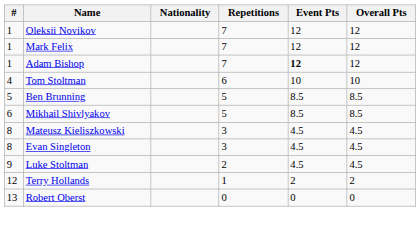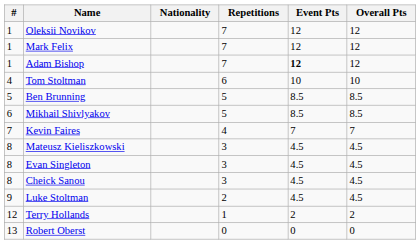 <table class="wikitable sortable" style="display: inline-table;width: 100%;">
 <tr>
 <th>#</th>
 <th>Name</th>
 <th>Nationality</th>
 <th>Repetitions</th>
 <th>Event Pts</th>
 <th>Overall Pts</th>
 </tr>
 <tr>
 <td>1</td>
 <td><a href='#'>Oleksii Novikov</a></td>
 <td></td>
 <td>7</td>
 <td>12</td>
 <td>12</td>
 </tr>
 <tr>
 <td>1</td>
 <td><a href='#'>Mark Felix</a></td>
 <td></td>
 <td>7</td>
 <td>12</td>
 <td>12</td>
 </tr>
 <tr>
 <td>1</td>
 <td><a href='#'>Adam Bishop</a></td>
 <td></td>
 <td>7</td>
 <td><strong>12</strong></td>
 <td>12</td>
 </tr>
 <tr>
 <td>4</td>
 <td><a href='#'>Tom Stoltman</a></td>
 <td></td>
 <td>6</td>
 <td>10</td>
 <td>10</td>
 </tr>
 <tr>
 <td>5</td>
 <td><a href='#'>Ben Brunning</a></td>
 <td></td>
 <td>5</td>
 <td>8.5</td>
 <td>8.5</td>
 </tr>
 <tr>
 <td>6</td>
 <td><a href='#'>Mikhail Shivlyakov</a></td>
 <td></td>
 <td>5</td>
 <td>8.5</td>
 <td>8.5</td>
 </tr>
 <tr>
+<td>7</td>
+<td><a href='#'>Kevin Faires</a></td>
+<td></td>
+<td>4</td>
+<td>7</td>
+<td>7</td>
+</tr>
+<tr>
 <td>8</td>
 <td><a href='#'>Mateusz Kieliszkowski</a></td>
 <td></td>
 <td>3</td>
 <td>4.5</td>
 <td>4.5</td>
 </tr>
 <tr>
 <td>8</td>
 <td><a href='#'>Evan Singleton</a></td>
+<td></td>
+<td>3</td>
+<td>4.5</td>
+<td>4.5</td>
+</tr>
+<tr>
+<td>8</td>
+<td><a href='#'>Cheick Sanou</a></td>
 <td></td>
 <td>3</td>
 <td>4.5</td>
 <td>4.5</td>
 </tr>
 <tr>
 <td>9</td>
 <td><a href='#'>Luke Stoltman</a></td>
 <td></td>
 <td>2</td>
 <td>4.5</td>
 <td>4.5</td>
 </tr>
 <tr>
 <td>12</td>
 <td><a href='#'>Terry Hollands</a></td>
 <td></td>
 <td>1</td>
 <td>2</td>
 <td>2</td>
 </tr>
 <tr>
 <td>13</td>
 <td><a href='#'>Robert Oberst</a></td>
 <td></td>
 <td>0</td>
 <td>0</td>
 <td>0</td>
 </tr>
 </table>
